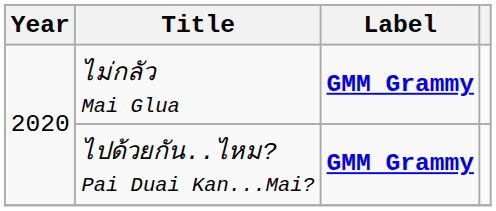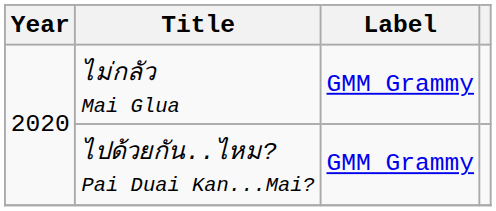 <table class="wikitable">
 <tr>
 <th>Year</th>
 <th>Title</th>
 <th>Label</th>
 <th></th>
 </tr>
 <tr>
 <td rowspan=2>2020</td>
 <td><em>ไม่กลัว<br><small>Mai Glua</small></em></td>
-<td><strong><a href='#'>GMM Grammy</a></strong></td>
+<td><a href='#'>GMM Grammy</a></td>
 <td></td>
 </tr>
 <tr>
 <td><em>ไปด้วยกัน..ไหม?<br><small>Pai Duai Kan...Mai?</small></em></td>
-<td><strong><a href='#'>GMM Grammy</a></strong></td>
+<td><a href='#'>GMM Grammy</a></td>
 <td></td>
 </tr>
 <tr>
 </tr>
 </table>
